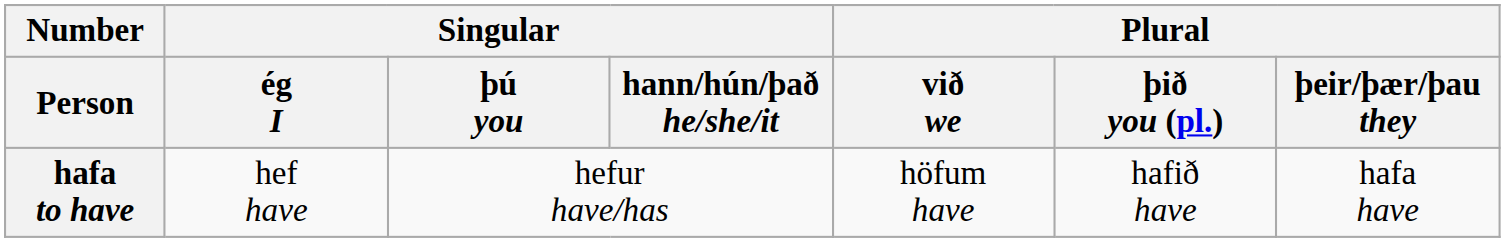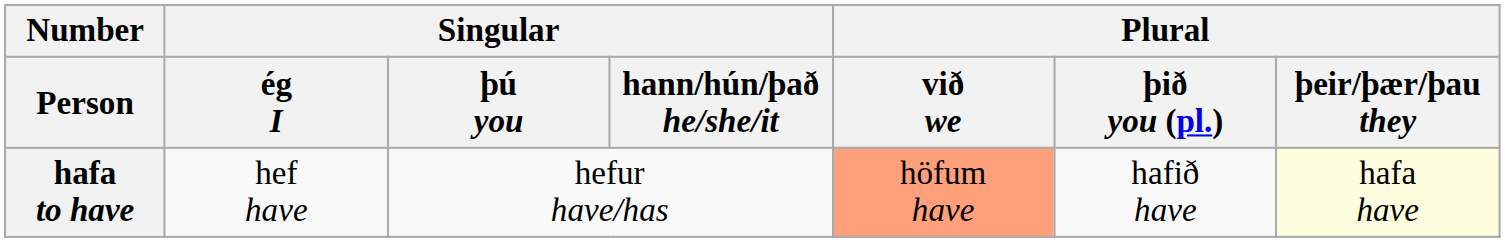 <table class="wikitable" style="text-align: center;">
 <tr>
 <th>Number</th>
 <th colspan=3>Singular</th>
 <th colspan=3>Plural</th>
 </tr>
 <tr>
 <th>Person</th>
 <th width="100px">ég<br><em>I</em></th>
 <th width="100px">þú<br><em>you</em></th>
 <th width="100px">hann/hún/það<br><em>he/she/it</em></th>
 <th width="100px">við<br><em>we</em></th>
 <th width="100px">þið<br><em>you</em> (<a href='#'>pl.</a>)</th>
 <th width="100px">þeir/þær/þau<br><em>they</em></th>
 </tr>
 <tr>
 <th width="70px">hafa<br><em>to have</em></th>
 <td>hef<br><em>have</em></td>
 <td colspan="2">hefur<br><em>have/has</em></td>
-<td>höfum<br><em>have</em></td>
+<td style="background: lightsalmon;">höfum<br><em>have</em></td>
 <td>hafið<br><em>have</em></td>
-<td>hafa<br><em>have</em></td>
+<td style="background: lightyellow;">hafa<br><em>have</em></td>
 </tr>
 </table>
